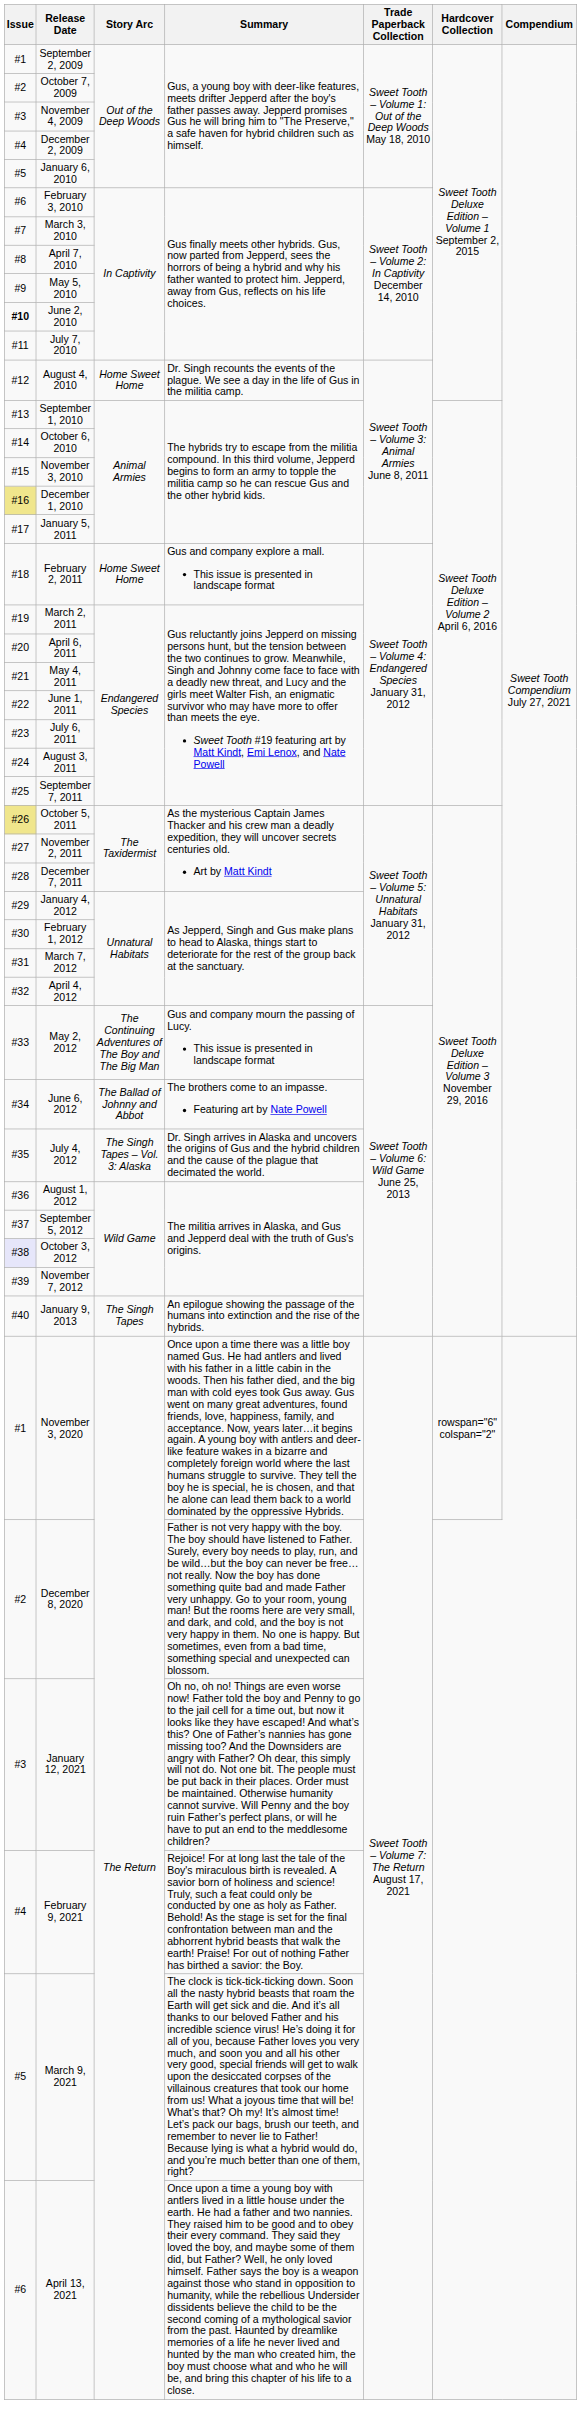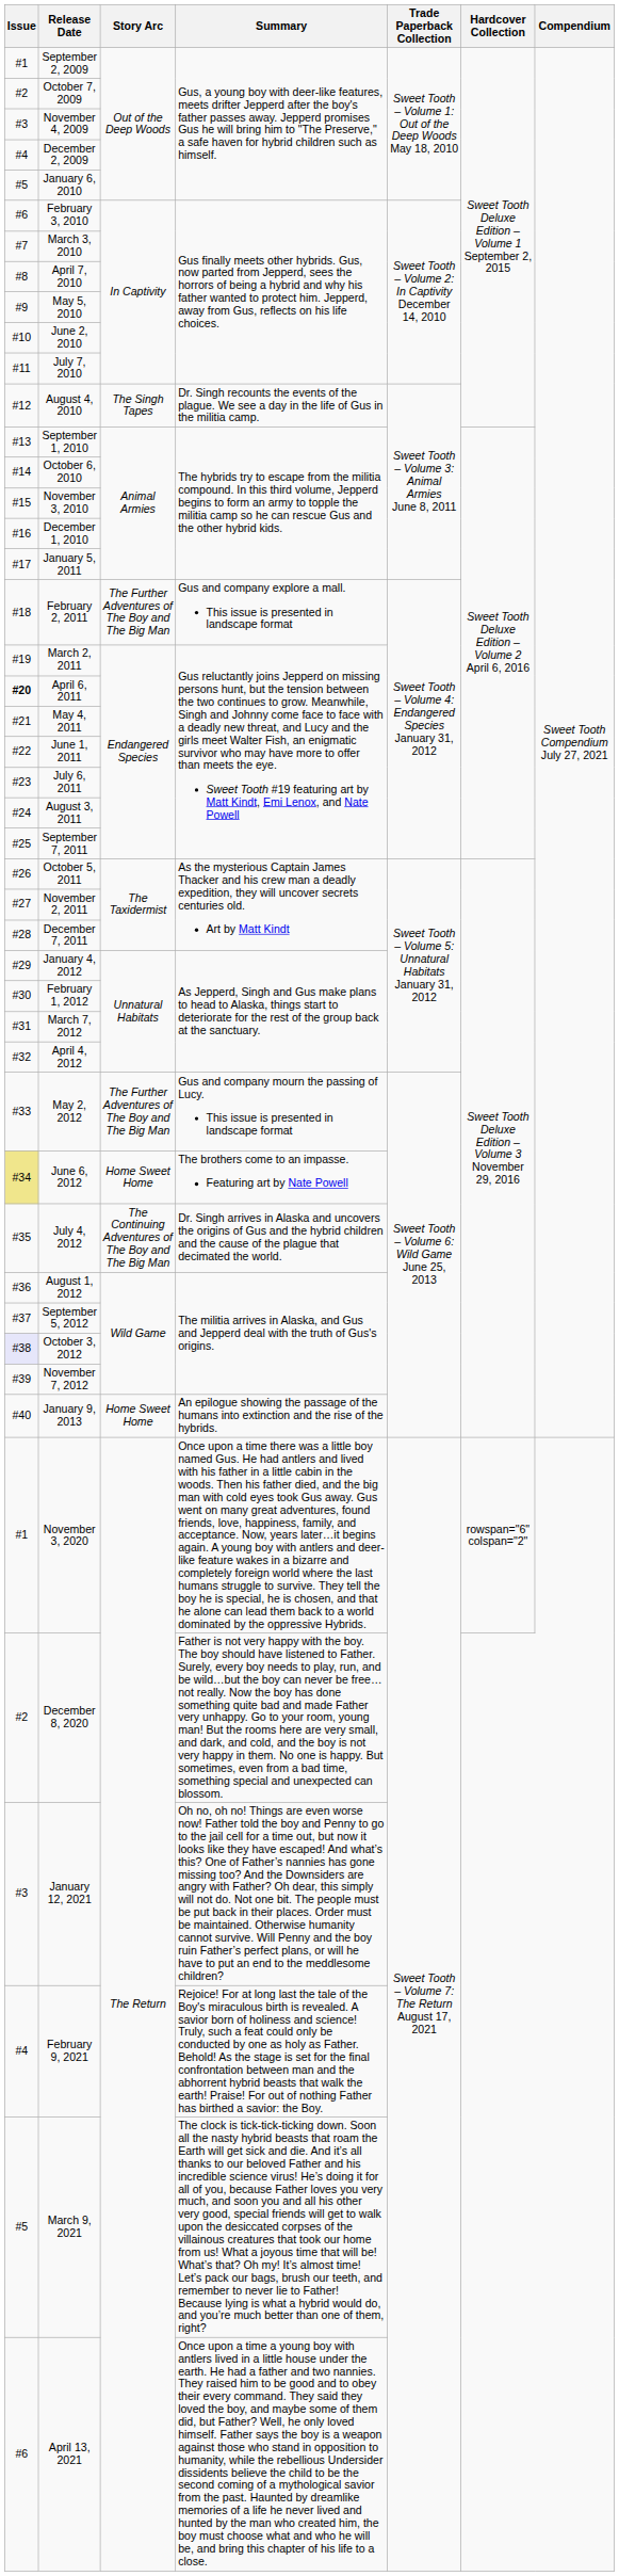 <table class="wikitable" style="text-align: center">
 <tr>
 <th>Issue</th>
 <th>Release Date</th>
 <th>Story Arc</th>
 <th>Summary</th>
 <th>Trade Paperback Collection</th>
 <th>Hardcover Collection</th>
 <th>Compendium</th>
 </tr>
 <tr>
 <td>#1</td>
 <td>September 2, 2009</td>
 <td rowspan="5"><em>Out of the Deep Woods</em></td>
 <td rowspan="5" align="left">Gus, a young boy with deer-like features, meets drifter Jepperd after the boy's father passes away. Jepperd promises Gus he will bring him to "The Preserve," a safe haven for hybrid children such as himself.</td>
 <td rowspan="5"><em>Sweet Tooth – Volume 1: Out of the Deep Woods</em><br><span>May 18, 2010<br></span></td>
 <td rowspan="12"><em>Sweet Tooth Deluxe Edition – Volume 1</em><br><span>September 2, 2015<br></span></td>
 <td rowspan="40"><em>Sweet Tooth Compendium</em><br><span>July 27, 2021<br></span></td>
 </tr>
 <tr>
 <td>#2</td>
 <td>October 7, 2009</td>
 </tr>
 <tr>
 <td>#3</td>
 <td>November 4, 2009</td>
 </tr>
 <tr>
 <td>#4</td>
 <td>December 2, 2009</td>
 </tr>
 <tr>
 <td>#5</td>
 <td>January 6, 2010</td>
 </tr>
 <tr>
 <td>#6</td>
 <td>February 3, 2010</td>
 <td rowspan="6"><em>In Captivity</em></td>
 <td rowspan="6" align="left">Gus finally meets other hybrids. Gus, now parted from Jepperd, sees the horrors of being a hybrid and why his father wanted to protect him. Jepperd, away from Gus, reflects on his life choices.</td>
 <td rowspan="6"><em>Sweet Tooth – Volume 2: In Captivity</em><br><span>December 14, 2010<br></span></td>
 </tr>
 <tr>
 <td>#7</td>
 <td>March 3, 2010</td>
 </tr>
 <tr>
 <td>#8</td>
 <td>April 7, 2010</td>
 </tr>
 <tr>
 <td>#9</td>
 <td>May 5, 2010</td>
 </tr>
 <tr>
-<td><strong>#10</strong></td>
+<td>#10</td>
 <td>June 2, 2010</td>
 </tr>
 <tr>
 <td>#11</td>
 <td>July 7, 2010</td>
 </tr>
 <tr>
 <td>#12</td>
 <td>August 4, 2010</td>
-<td><em>Home Sweet Home</em></td>
+<td><em>The Singh Tapes</em></td>
 <td align="left">Dr. Singh recounts the events of the plague. We see a day in the life of Gus in the militia camp.</td>
 <td rowspan="6"><em>Sweet Tooth – Volume 3: Animal Armies</em><br><span>June 8, 2011<br></span></td>
 </tr>
 <tr>
 <td>#13</td>
 <td>September 1, 2010</td>
 <td rowspan="5"><em>Animal Armies</em></td>
 <td rowspan="5" align="left">The hybrids try to escape from the militia compound. In this third volume, Jepperd begins to form an army to topple the militia camp so he can rescue Gus and the other hybrid kids.</td>
 <td rowspan="13"><em>Sweet Tooth Deluxe Edition – Volume 2</em><br><span>April 6, 2016<br></span></td>
 </tr>
 <tr>
 <td>#14</td>
 <td>October 6, 2010</td>
 </tr>
 <tr>
 <td>#15</td>
 <td>November 3, 2010</td>
 </tr>
 <tr>
-<td style="background: khaki;">#16</td>
+<td>#16</td>
 <td>December 1, 2010</td>
 </tr>
 <tr>
 <td>#17</td>
 <td>January 5, 2011</td>
 </tr>
 <tr>
 <td>#18</td>
 <td>February 2, 2011</td>
-<td><em>Home Sweet Home</em></td>
+<td><em>The Further Adventures of The Boy and The Big Man</em></td>
 <td align="left">Gus and company explore a mall.<br><ul><li>This issue is presented in landscape format</li></ul></td>
 <td rowspan="8"><em>Sweet Tooth – Volume 4: Endangered Species</em><br><span>January 31, 2012<br></span></td>
 </tr>
 <tr>
 <td>#19</td>
 <td>March 2, 2011</td>
 <td rowspan="7"><em>Endangered Species</em></td>
 <td rowspan="7" align="left">Gus reluctantly joins Jepperd on missing persons hunt, but the tension between the two continues to grow. Meanwhile, Singh and Johnny come face to face with a deadly new threat, and Lucy and the girls meet Walter Fish, an enigmatic survivor who may have more to offer than meets the eye.<br><ul><li><em>Sweet Tooth</em> #19 featuring art by <a href='#'>Matt Kindt</a>, <a href='#'>Emi Lenox</a>, and <a href='#'>Nate Powell</a></li></ul></td>
 </tr>
 <tr>
-<td>#20</td>
+<td><strong>#20</strong></td>
 <td>April 6, 2011</td>
 </tr>
 <tr>
 <td>#21</td>
 <td>May 4, 2011</td>
 </tr>
 <tr>
 <td>#22</td>
 <td>June 1, 2011</td>
 </tr>
 <tr>
 <td>#23</td>
 <td>July 6, 2011</td>
 </tr>
 <tr>
 <td>#24</td>
 <td>August 3, 2011</td>
 </tr>
 <tr>
 <td>#25</td>
 <td>September 7, 2011</td>
 </tr>
 <tr>
-<td style="background: khaki;">#26</td>
+<td>#26</td>
 <td>October 5, 2011</td>
 <td rowspan="3"><em>The Taxidermist</em></td>
 <td rowspan="3" align="left">As the mysterious Captain James Thacker and his crew man a deadly expedition, they will uncover secrets centuries old.<br><ul><li>Art by <a href='#'>Matt Kindt</a></li></ul></td>
 <td rowspan="7"><em>Sweet Tooth – Volume 5: Unnatural Habitats</em><br><span>January 31, 2012<br></span></td>
 <td rowspan="15"><em>Sweet Tooth Deluxe Edition – Volume 3</em><br><span>November 29, 2016<br></span></td>
 </tr>
 <tr>
 <td>#27</td>
 <td>November 2, 2011</td>
 </tr>
 <tr>
 <td>#28</td>
 <td>December 7, 2011</td>
 </tr>
 <tr>
 <td>#29</td>
 <td>January 4, 2012</td>
 <td rowspan="4"><em>Unnatural Habitats</em></td>
 <td rowspan="4" align="left">As Jepperd, Singh and Gus make plans to head to Alaska, things start to deteriorate for the rest of the group back at the sanctuary.</td>
 </tr>
 <tr>
 <td>#30</td>
 <td>February 1, 2012</td>
 </tr>
 <tr>
 <td>#31</td>
 <td>March 7, 2012</td>
 </tr>
 <tr>
 <td>#32</td>
 <td>April 4, 2012</td>
 </tr>
 <tr>
 <td>#33</td>
 <td>May 2, 2012</td>
-<td><em>The Continuing Adventures of The Boy and The Big Man</em></td>
+<td><em>The Further Adventures of The Boy and The Big Man</em></td>
 <td align="left">Gus and company mourn the passing of Lucy.<br><ul><li>This issue is presented in landscape format</li></ul></td>
 <td rowspan="8"><em>Sweet Tooth – Volume 6: Wild Game</em><br><span>June 25, 2013<br></span></td>
 </tr>
 <tr>
-<td>#34</td>
+<td style="background: khaki;">#34</td>
 <td>June 6, 2012</td>
-<td><em>The Ballad of Johnny and Abbot</em></td>
+<td><em>Home Sweet Home</em></td>
 <td align="left">The brothers come to an impasse.<br><ul><li>Featuring art by <a href='#'>Nate Powell</a></li></ul></td>
 </tr>
 <tr>
 <td>#35</td>
 <td>July 4, 2012</td>
-<td><em>The Singh Tapes – Vol. 3: Alaska</em></td>
+<td><em>The Continuing Adventures of The Boy and The Big Man</em></td>
 <td align="left">Dr. Singh arrives in Alaska and uncovers the origins of Gus and the hybrid children and the cause of the plague that decimated the world.</td>
 </tr>
 <tr>
 <td>#36</td>
 <td>August 1, 2012</td>
 <td rowspan="4"><em>Wild Game</em></td>
 <td rowspan="4" align="left">The militia arrives in Alaska, and Gus and Jepperd deal with the truth of Gus's origins.</td>
 </tr>
 <tr>
 <td>#37</td>
 <td>September 5, 2012</td>
 </tr>
 <tr>
 <td style="background: lavender;">#38</td>
 <td>October 3, 2012</td>
 </tr>
 <tr>
 <td>#39</td>
 <td>November 7, 2012</td>
 </tr>
 <tr>
 <td>#40</td>
 <td>January 9, 2013</td>
-<td><em>The Singh Tapes</em></td>
+<td><em>Home Sweet Home</em></td>
 <td align="left">An epilogue showing the passage of the humans into extinction and the rise of the hybrids.</td>
 </tr>
 <tr>
 <td>#1</td>
 <td>November 3, 2020</td>
 <td rowspan="6"><em>The Return</em></td>
 <td align="left">Once upon a time there was a little boy named Gus. He had antlers and lived with his father in a little cabin in the woods. Then his father died, and the big man with cold eyes took Gus away. Gus went on many great adventures, found friends, love, happiness, family, and acceptance. Now, years later…it begins again. A young boy with antlers and deer-like feature wakes in a bizarre and completely foreign world where the last humans struggle to survive. They tell the boy he is special, he is chosen, and that he alone can lead them back to a world dominated by the oppressive Hybrids.</td>
 <td rowspan="6"><em>Sweet Tooth – Volume 7: The Return</em><br><span>August 17, 2021<br></span></td>
 <td>rowspan="6" colspan="2" </td>
 </tr>
 <tr>
 <td>#2</td>
 <td>December 8, 2020</td>
 <td align="left">Father is not very happy with the boy. The boy should have listened to Father. Surely, every boy needs to play, run, and be wild…but the boy can never be free…not really. Now the boy has done something quite bad and made Father very unhappy. Go to your room, young man! But the rooms here are very small, and dark, and cold, and the boy is not very happy in them. No one is happy. But sometimes, even from a bad time, something special and unexpected can blossom.</td>
 </tr>
 <tr>
 <td>#3</td>
 <td>January 12, 2021</td>
 <td align="left">Oh no, oh no! Things are even worse now! Father told the boy and Penny to go to the jail cell for a time out, but now it looks like they have escaped! And what’s this? One of Father’s nannies has gone missing too? And the Downsiders are angry with Father? Oh dear, this simply will not do. Not one bit. The people must be put back in their places. Order must be maintained. Otherwise humanity cannot survive. Will Penny and the boy ruin Father’s perfect plans, or will he have to put an end to the meddlesome children?</td>
 </tr>
 <tr>
 <td>#4</td>
 <td>February 9, 2021</td>
 <td align="left">Rejoice! For at long last the tale of the Boy's miraculous birth is revealed. A savior born of holiness and science! Truly, such a feat could only be conducted by one as holy as Father. Behold! As the stage is set for the final confrontation between man and the abhorrent hybrid beasts that walk the earth! Praise! For out of nothing Father has birthed a savior: the Boy.</td>
 </tr>
 <tr>
 <td>#5</td>
 <td>March 9, 2021</td>
 <td align="left">The clock is tick-tick-ticking down. Soon all the nasty hybrid beasts that roam the Earth will get sick and die. And it’s all thanks to our beloved Father and his incredible science virus! He’s doing it for all of you, because Father loves you very much, and soon you and all his other very good, special friends will get to walk upon the desiccated corpses of the villainous creatures that took our home from us! What a joyous time that will be! What’s that? Oh my! It’s almost time! Let’s pack our bags, brush our teeth, and remember to never lie to Father! Because lying is what a hybrid would do, and you’re much better than one of them, right?</td>
 </tr>
 <tr>
 <td>#6</td>
 <td>April 13, 2021</td>
 <td align="left">Once upon a time a young boy with antlers lived in a little house under the earth. He had a father and two nannies. They raised him to be good and to obey their every command. They said they loved the boy, and maybe some of them did, but Father? Well, he only loved himself. Father says the boy is a weapon against those who stand in opposition to humanity, while the rebellious Undersider dissidents believe the child to be the second coming of a mythological savior from the past. Haunted by dreamlike memories of a life he never lived and hunted by the man who created him, the boy must choose what and who he will be, and bring this chapter of his life to a close.</td>
 </tr>
 </table>
